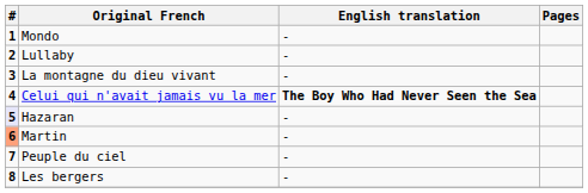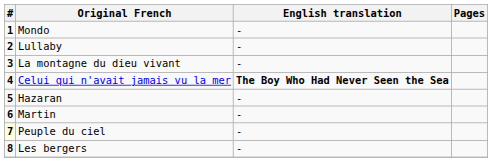 <table class="wikitable">
 <tr>
 <th>#</th>
 <th>Original French</th>
 <th>English translation</th>
 <th>Pages</th>
 </tr>
 <tr>
 <td><strong>1</strong></td>
 <td>Mondo</td>
 <td>-</td>
 <td></td>
 </tr>
 <tr>
 <td><strong>2</strong></td>
 <td>Lullaby</td>
 <td>-</td>
 <td></td>
 </tr>
 <tr>
 <td><strong>3</strong></td>
 <td>La montagne du dieu vivant</td>
 <td>-</td>
 <td></td>
 </tr>
 <tr>
 <td><strong>4</strong></td>
 <td><a href='#'>Celui qui n'avait jamais vu la mer</a></td>
 <td><strong>The Boy Who Had Never Seen the Sea</strong></td>
 <td></td>
 </tr>
 <tr>
-<td style="background: lavender;"><strong>5</strong></td>
+<td><strong>5</strong></td>
 <td>Hazaran</td>
 <td>-</td>
 <td></td>
 </tr>
 <tr>
-<td style="background: lightsalmon;"><strong>6</strong></td>
+<td><strong>6</strong></td>
 <td>Martin</td>
 <td>-</td>
 <td></td>
 </tr>
 <tr>
-<td><strong>7</strong></td>
+<td style="background: lightyellow;"><strong>7</strong></td>
 <td>Peuple du ciel</td>
 <td>-</td>
 <td></td>
 </tr>
 <tr>
 <td><strong>8</strong></td>
 <td>Les bergers</td>
 <td>-</td>
 <td></td>
 </tr>
 <tr>
 </tr>
 </table>
